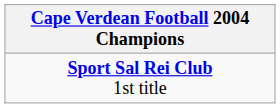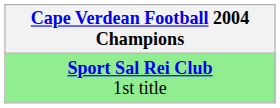 <table class="wikitable" style="margin: 0 auto; width: 240px;">
 <tr>
 <th><a href='#'>Cape Verdean Football</a> 2004<br>Champions</th>
 </tr>
 <tr>
-<td align=center><strong><a href='#'>Sport Sal Rei Club</a></strong><br>1st title</td>
+<td align=center style="background: lightgreen;"><strong><a href='#'>Sport Sal Rei Club</a></strong><br>1st title</td>
 </tr>
 </table>
